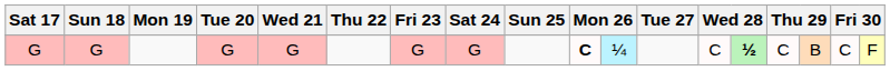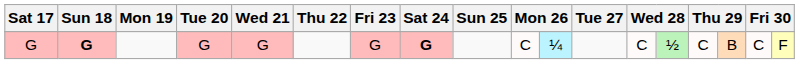 <table class="wikitable" style="margin:0.5em auto; font-size:90%; line-height:1.25em;">
 <tr align="center">
 <th>Sat 17</th>
 <th>Sun 18</th>
 <th>Mon 19</th>
 <th>Tue 20</th>
 <th>Wed 21</th>
 <th>Thu 22</th>
 <th>Fri 23</th>
 <th>Sat 24</th>
 <th>Sun 25</th>
 <th colspan=2>Mon 26</th>
 <th>Tue 27</th>
 <th colspan=2>Wed 28</th>
 <th colspan=2>Thu 29</th>
 <th colspan=2>Fri 30</th>
 </tr>
 <tr>
 </tr>
 <tr align="center">
 <td bgcolor="#FFBBBB">G</td>
-<td bgcolor="#FFBBBB">G</td>
+<td bgcolor="#FFBBBB"><strong>G</strong></td>
 <td></td>
 <td bgcolor="#FFBBBB">G</td>
 <td bgcolor="#FFBBBB">G</td>
 <td></td>
 <td bgcolor="#FFBBBB">G</td>
-<td bgcolor="#FFBBBB">G</td>
+<td bgcolor="#FFBBBB"><strong>G</strong></td>
 <td></td>
-<td bgcolor=snow><strong>C</strong></td>
+<td bgcolor=snow>C</td>
 <td bgcolor="#BBF3FF">¼</td>
 <td></td>
 <td bgcolor=snow>C</td>
-<td bgcolor="#BBF3BB"><strong>½</strong></td>
+<td bgcolor="#BBF3BB">½</td>
 <td bgcolor=snow>C</td>
 <td bgcolor="#FEDCBA">B</td>
 <td bgcolor=snow>C</td>
 <td bgcolor="#FFFFBB">F</td>
 </tr>
 </table>
